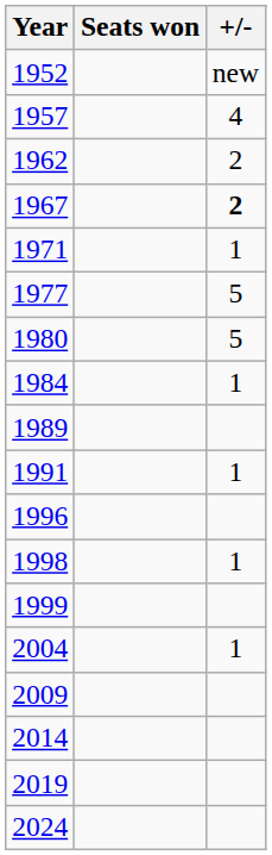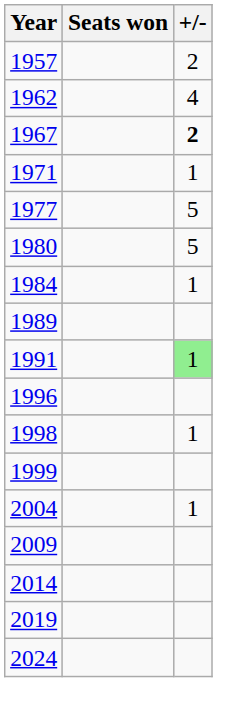 <table class="wikitable sortable" style="text-align:center;">
 <tr>
 <th style="background-color:">Year</th>
 <th style="background-color:">Seats won</th>
 <th style="background-color:">+/-</th>
 </tr>
 <tr>
-<td><a href='#'>1952</a></td>
-<td></td>
-<td>new</td>
-</tr>
-<tr>
 <td><a href='#'>1957</a></td>
 <td></td>
-<td>4</td>
+<td>2</td>
 </tr>
 <tr>
 <td><a href='#'>1962</a></td>
 <td></td>
-<td>2</td>
+<td>4</td>
 </tr>
 <tr>
 <td><a href='#'>1967</a></td>
 <td></td>
 <td><strong>2</strong></td>
 </tr>
 <tr>
 <td><a href='#'>1971</a></td>
 <td></td>
 <td>1</td>
 </tr>
 <tr>
 <td><a href='#'>1977</a></td>
 <td></td>
 <td>5</td>
 </tr>
 <tr>
 <td><a href='#'>1980</a></td>
 <td></td>
 <td>5</td>
 </tr>
 <tr>
 <td><a href='#'>1984</a></td>
 <td></td>
 <td>1</td>
 </tr>
 <tr>
 <td><a href='#'>1989</a></td>
 <td></td>
 <td></td>
 </tr>
 <tr>
 <td><a href='#'>1991</a></td>
 <td></td>
-<td>1</td>
+<td style="background: lightgreen;">1</td>
 </tr>
 <tr>
 <td><a href='#'>1996</a></td>
 <td></td>
 <td></td>
 </tr>
 <tr>
 <td><a href='#'>1998</a></td>
 <td></td>
 <td>1</td>
 </tr>
 <tr>
 <td><a href='#'>1999</a></td>
 <td></td>
 <td></td>
 </tr>
 <tr>
 <td><a href='#'>2004</a></td>
 <td></td>
 <td>1</td>
 </tr>
 <tr>
 <td><a href='#'>2009</a></td>
 <td></td>
 <td></td>
 </tr>
 <tr>
 <td><a href='#'>2014</a></td>
 <td></td>
 <td></td>
 </tr>
 <tr>
 <td><a href='#'>2019</a></td>
 <td></td>
 <td></td>
 </tr>
 <tr>
 <td><a href='#'>2024</a></td>
 <td></td>
 <td></td>
 </tr>
 </table>
